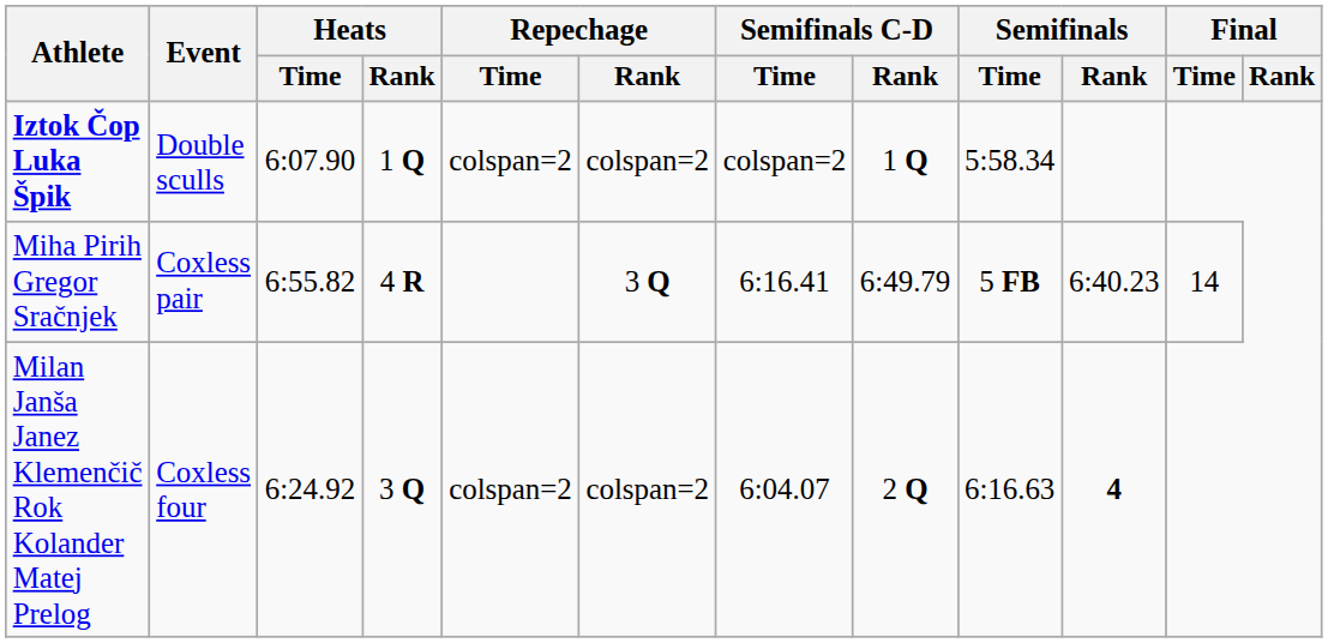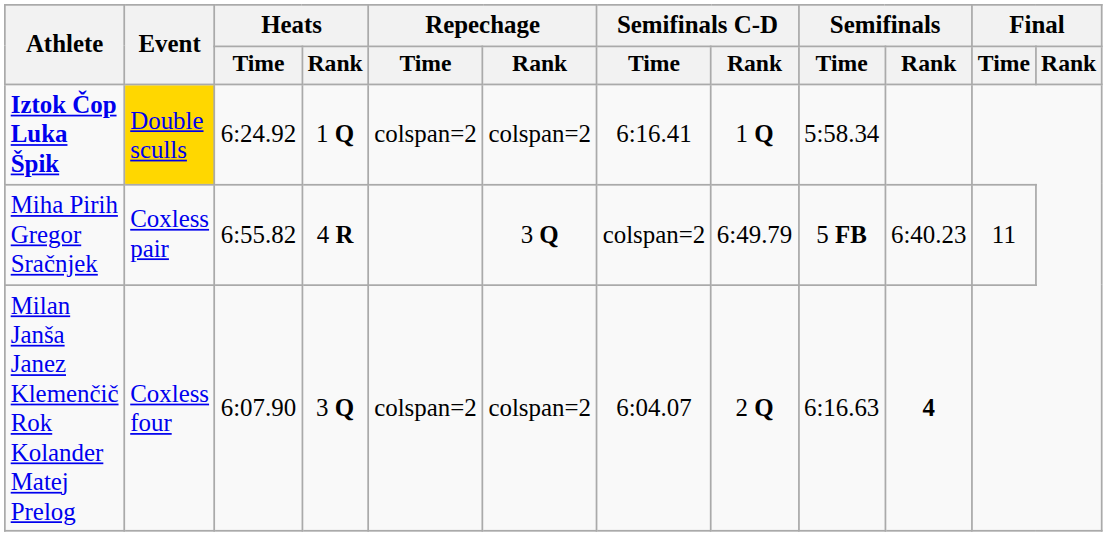 <table class="wikitable" style="font-size:90%">
 <tr>
 <th rowspan="2">Athlete</th>
 <th rowspan="2">Event</th>
 <th colspan="2">Heats</th>
 <th colspan="2">Repechage</th>
 <th colspan="2">Semifinals C-D</th>
 <th colspan="2">Semifinals</th>
 <th colspan="2">Final</th>
 </tr>
 <tr style="font-size:95%">
 <th>Time</th>
 <th>Rank</th>
 <th>Time</th>
 <th>Rank</th>
 <th>Time</th>
 <th>Rank</th>
 <th>Time</th>
 <th>Rank</th>
 <th>Time</th>
 <th>Rank</th>
 </tr>
 <tr align=center>
 <td align=left><strong><a href='#'>Iztok Čop</a><br><a href='#'>Luka Špik</a></strong></td>
-<td align=left><a href='#'>Double sculls</a></td>
-<td>6:07.90</td>
+<td align=left style="background: gold;"><a href='#'>Double sculls</a></td>
+<td>6:24.92</td>
 <td>1 <strong>Q</strong></td>
 <td>colspan=2 </td>
 <td>colspan=2 </td>
-<td>colspan=2 </td>
+<td>6:16.41</td>
 <td>1 <strong>Q</strong></td>
 <td>5:58.34</td>
 <td></td>
 </tr>
 <tr align=center>
 <td align=left><a href='#'>Miha Pirih</a><br><a href='#'>Gregor Sračnjek</a></td>
 <td align=left><a href='#'>Coxless pair</a></td>
 <td>6:55.82</td>
 <td>4 <strong>R</strong></td>
 <td></td>
 <td>3 <strong>Q</strong></td>
-<td>6:16.41</td>
+<td>colspan=2 </td>
 <td>6:49.79</td>
 <td>5 <strong>FB</strong></td>
 <td>6:40.23</td>
-<td>14</td>
+<td>11</td>
 </tr>
 <tr align=center>
 <td align=left><a href='#'>Milan Janša</a><br><a href='#'>Janez Klemenčič</a><br><a href='#'>Rok Kolander</a><br><a href='#'>Matej Prelog</a></td>
 <td align=left><a href='#'>Coxless four</a></td>
-<td>6:24.92</td>
+<td>6:07.90</td>
 <td>3 <strong>Q</strong></td>
 <td>colspan=2 </td>
 <td>colspan=2 </td>
 <td>6:04.07</td>
 <td>2 <strong>Q</strong></td>
 <td>6:16.63</td>
 <td><strong>4</strong></td>
 </tr>
 </table>
